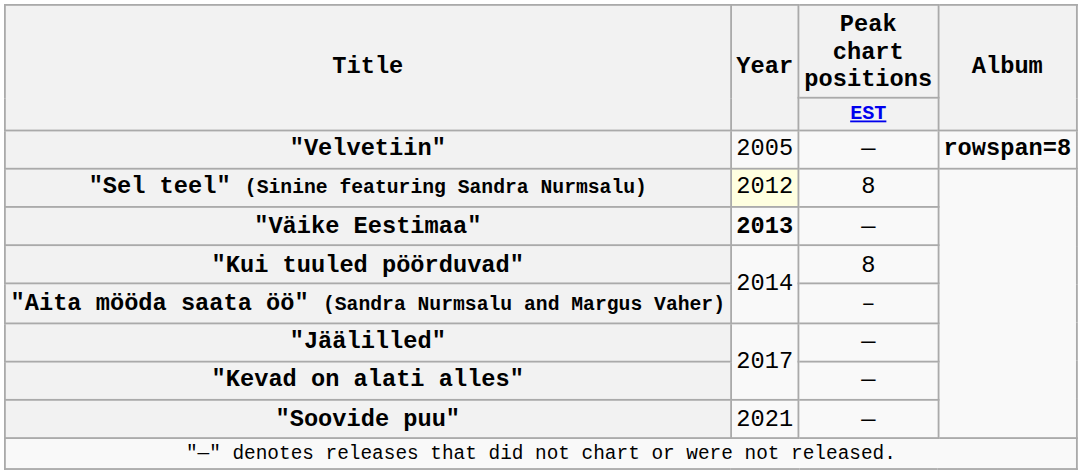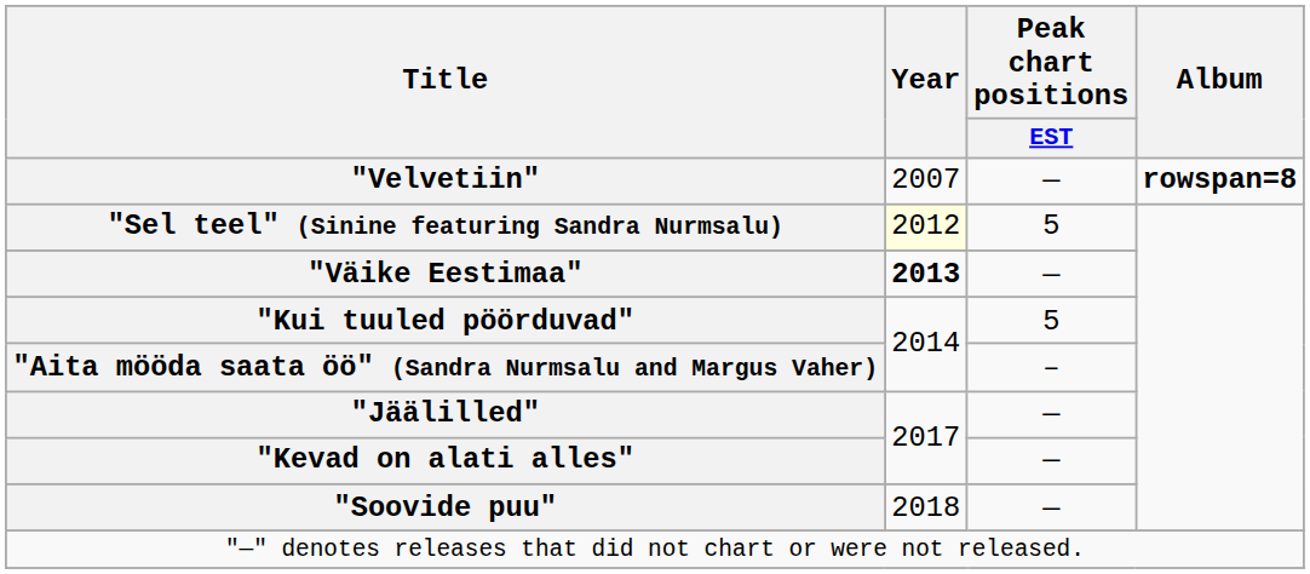 <table class="wikitable plainrowheaders" style="text-align:center;">
 <tr>
 <th scope="col" rowspan="2">Title</th>
 <th scope="col" rowspan="2" style="width:1em;">Year</th>
 <th scope="col" colspan="1">Peak chart positions</th>
 <th scope="col" rowspan="2">Album</th>
 </tr>
 <tr>
 <th scope="col" style="width:3em;font-size:85%;"><a href='#'>EST</a><br></th>
 </tr>
 <tr>
 <th scope="row">"Velvetiin"</th>
-<td>2005</td>
+<td>2007</td>
 <td align="center">—</td>
 <td><strong>rowspan=8 </strong></td>
 </tr>
 <tr>
 <th scope="row">"Sel teel" <small>(Sinine featuring Sandra Nurmsalu)</small></th>
 <td style="background: lightyellow;">2012</td>
-<td align="center">8</td>
+<td align="center">5</td>
 </tr>
 <tr>
 <th scope="row">"Väike Eestimaa"</th>
 <td><strong>2013</strong></td>
 <td align="center">—</td>
 </tr>
 <tr>
 <th scope="row">"Kui tuuled pöörduvad"</th>
 <td rowspan=2>2014</td>
-<td align="center">8</td>
+<td align="center">5</td>
 </tr>
 <tr>
 <th scope="row">"Aita mööda saata öö" <small>(Sandra Nurmsalu and Margus Vaher)</small></th>
 <td align="center">–</td>
 </tr>
 <tr>
 <th scope="row">"Jäälilled"</th>
 <td rowspan=2>2017</td>
 <td align="center">—</td>
 </tr>
 <tr>
 <th scope="row">"Kevad on alati alles"</th>
 <td align="center">—</td>
 </tr>
 <tr>
 <th scope="row">"Soovide puu"</th>
-<td>2021</td>
+<td>2018</td>
 <td align="center">—</td>
 </tr>
 <tr>
 <td colspan="12" style="font-size: 8pt">"—" denotes releases that did not chart or were not released.</td>
 </tr>
 </table>
